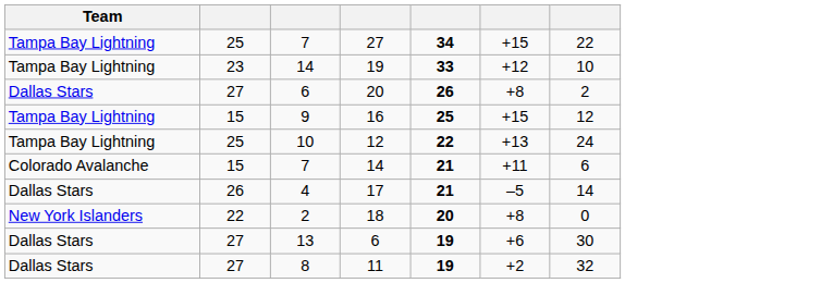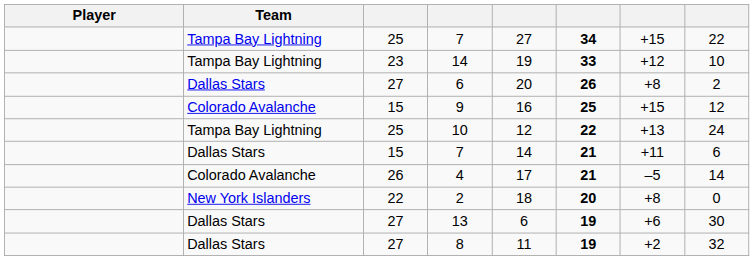 <table style="padding:3px; border-spacing:0; text-align:center;" class="wikitable sortable">
 <tr>
+<th style="width:12em">Player</th>
 <th style="width:12em">Team</th>
 <th style="width:4em"></th>
 <th style="width:4em"></th>
 <th style="width:4em"></th>
 <th style="width:4em"></th>
 <th data-sort-type="number" style="width:4em"></th>
 <th style="width:4em"></th>
 </tr>
 <tr>
+<td align=left></td>
 <td align=left><a href='#'>Tampa Bay Lightning</a></td>
 <td>25</td>
 <td>7</td>
 <td>27</td>
 <td><strong>34</strong></td>
 <td>+15</td>
 <td>22</td>
 </tr>
 <tr>
+<td align=left></td>
 <td align=left>Tampa Bay Lightning</td>
 <td>23</td>
 <td>14</td>
 <td>19</td>
 <td><strong>33</strong></td>
 <td>+12</td>
 <td>10</td>
 </tr>
 <tr>
+<td align=left></td>
 <td align=left><a href='#'>Dallas Stars</a></td>
 <td>27</td>
 <td>6</td>
 <td>20</td>
 <td><strong>26</strong></td>
 <td>+8</td>
 <td>2</td>
 </tr>
 <tr>
-<td align=left><a href='#'>Tampa Bay Lightning</a></td>
+<td align=left></td>
+<td align=left><a href='#'>Colorado Avalanche</a></td>
 <td>15</td>
 <td>9</td>
 <td>16</td>
 <td><strong>25</strong></td>
 <td>+15</td>
 <td>12</td>
 </tr>
 <tr>
+<td align=left></td>
 <td align=left>Tampa Bay Lightning</td>
 <td>25</td>
 <td>10</td>
 <td>12</td>
 <td><strong>22</strong></td>
 <td>+13</td>
 <td>24</td>
 </tr>
 <tr>
-<td align=left>Colorado Avalanche</td>
+<td align=left></td>
+<td align=left>Dallas Stars</td>
 <td>15</td>
 <td>7</td>
 <td>14</td>
 <td><strong>21</strong></td>
 <td>+11</td>
 <td>6</td>
 </tr>
 <tr>
-<td align=left>Dallas Stars</td>
+<td align=left></td>
+<td align=left>Colorado Avalanche</td>
 <td>26</td>
 <td>4</td>
 <td>17</td>
 <td><strong>21</strong></td>
 <td>–5</td>
 <td>14</td>
 </tr>
 <tr>
+<td align=left></td>
 <td align=left><a href='#'>New York Islanders</a></td>
 <td>22</td>
 <td>2</td>
 <td>18</td>
 <td><strong>20</strong></td>
 <td>+8</td>
 <td>0</td>
 </tr>
 <tr>
+<td align=left></td>
 <td align=left>Dallas Stars</td>
 <td>27</td>
 <td>13</td>
 <td>6</td>
 <td><strong>19</strong></td>
 <td>+6</td>
 <td>30</td>
 </tr>
 <tr>
+<td align=left></td>
 <td align=left>Dallas Stars</td>
 <td>27</td>
 <td>8</td>
 <td>11</td>
 <td><strong>19</strong></td>
 <td>+2</td>
 <td>32</td>
 </tr>
 </table>
